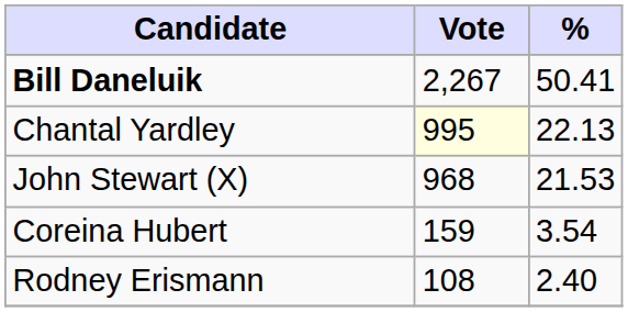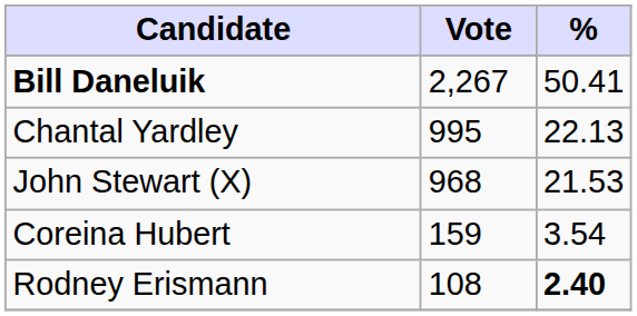 <table class="wikitable">
 <tr>
 <th style="background:#ddf; width:200px;">Candidate</th>
 <th style="background:#ddf; width:50px;">Vote</th>
 <th style="background:#ddf; width:30px;">%</th>
 </tr>
 <tr>
 <td><strong>Bill Daneluik</strong></td>
 <td>2,267</td>
 <td>50.41</td>
 </tr>
 <tr>
 <td>Chantal Yardley</td>
-<td style="background: lightyellow;">995</td>
+<td>995</td>
 <td>22.13</td>
 </tr>
 <tr>
 <td>John Stewart (X)</td>
 <td>968</td>
 <td>21.53</td>
 </tr>
 <tr>
 <td>Coreina Hubert</td>
 <td>159</td>
 <td>3.54</td>
 </tr>
 <tr>
 <td>Rodney Erismann</td>
 <td>108</td>
-<td>2.40</td>
+<td><strong>2.40</strong></td>
 </tr>
 <tr>
 </tr>
 </table>
